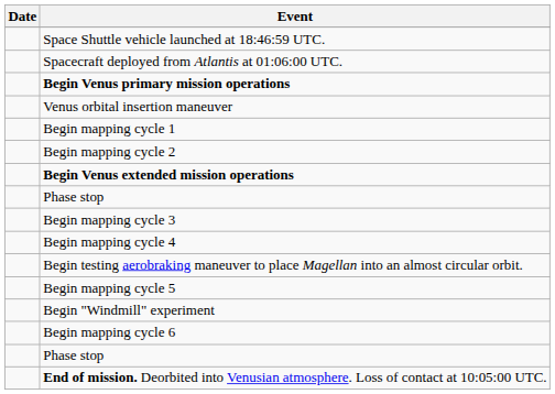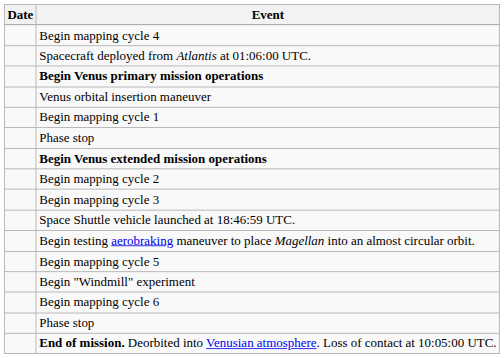 <table class="wikitable floatright" width="auto">
 <tr>
 <th>Date</th>
 <th>Event</th>
 </tr>
 <tr>
 </tr>
 <tr>
 <td></td>
-<td>Space Shuttle vehicle launched at 18:46:59 UTC.</td>
+<td>Begin mapping cycle 4</td>
 </tr>
 <tr>
 <td></td>
 <td>Spacecraft deployed from <em>Atlantis</em> at 01:06:00 UTC.</td>
 </tr>
 <tr>
 <td></td>
 <td><strong>Begin Venus primary mission operations</strong></td>
 </tr>
 <tr>
 <td></td>
 <td>Venus orbital insertion maneuver</td>
 </tr>
 <tr>
 <td></td>
 <td>Begin mapping cycle 1</td>
 </tr>
 <tr>
 <td></td>
-<td>Begin mapping cycle 2</td>
+<td>Phase stop</td>
 </tr>
 <tr>
 <td></td>
 <td><strong>Begin Venus extended mission operations</strong></td>
 </tr>
 <tr>
 <td></td>
-<td>Phase stop</td>
+<td>Begin mapping cycle 2</td>
 </tr>
 <tr>
 <td></td>
 <td>Begin mapping cycle 3</td>
 </tr>
 <tr>
 <td></td>
-<td>Begin mapping cycle 4</td>
+<td>Space Shuttle vehicle launched at 18:46:59 UTC.</td>
 </tr>
 <tr>
 <td></td>
 <td>Begin testing <a href='#'>aerobraking</a> maneuver to place <em>Magellan</em> into an almost circular orbit.</td>
 </tr>
 <tr>
 <td></td>
 <td>Begin mapping cycle 5</td>
 </tr>
 <tr>
 <td></td>
 <td>Begin "Windmill" experiment</td>
 </tr>
 <tr>
 <td></td>
 <td>Begin mapping cycle 6</td>
 </tr>
 <tr>
 <td></td>
 <td>Phase stop</td>
 </tr>
 <tr>
 <td></td>
 <td><strong>End of mission.</strong> Deorbited into <a href='#'>Venusian atmosphere</a>. Loss of contact at 10:05:00 UTC.</td>
 </tr>
 </table>
